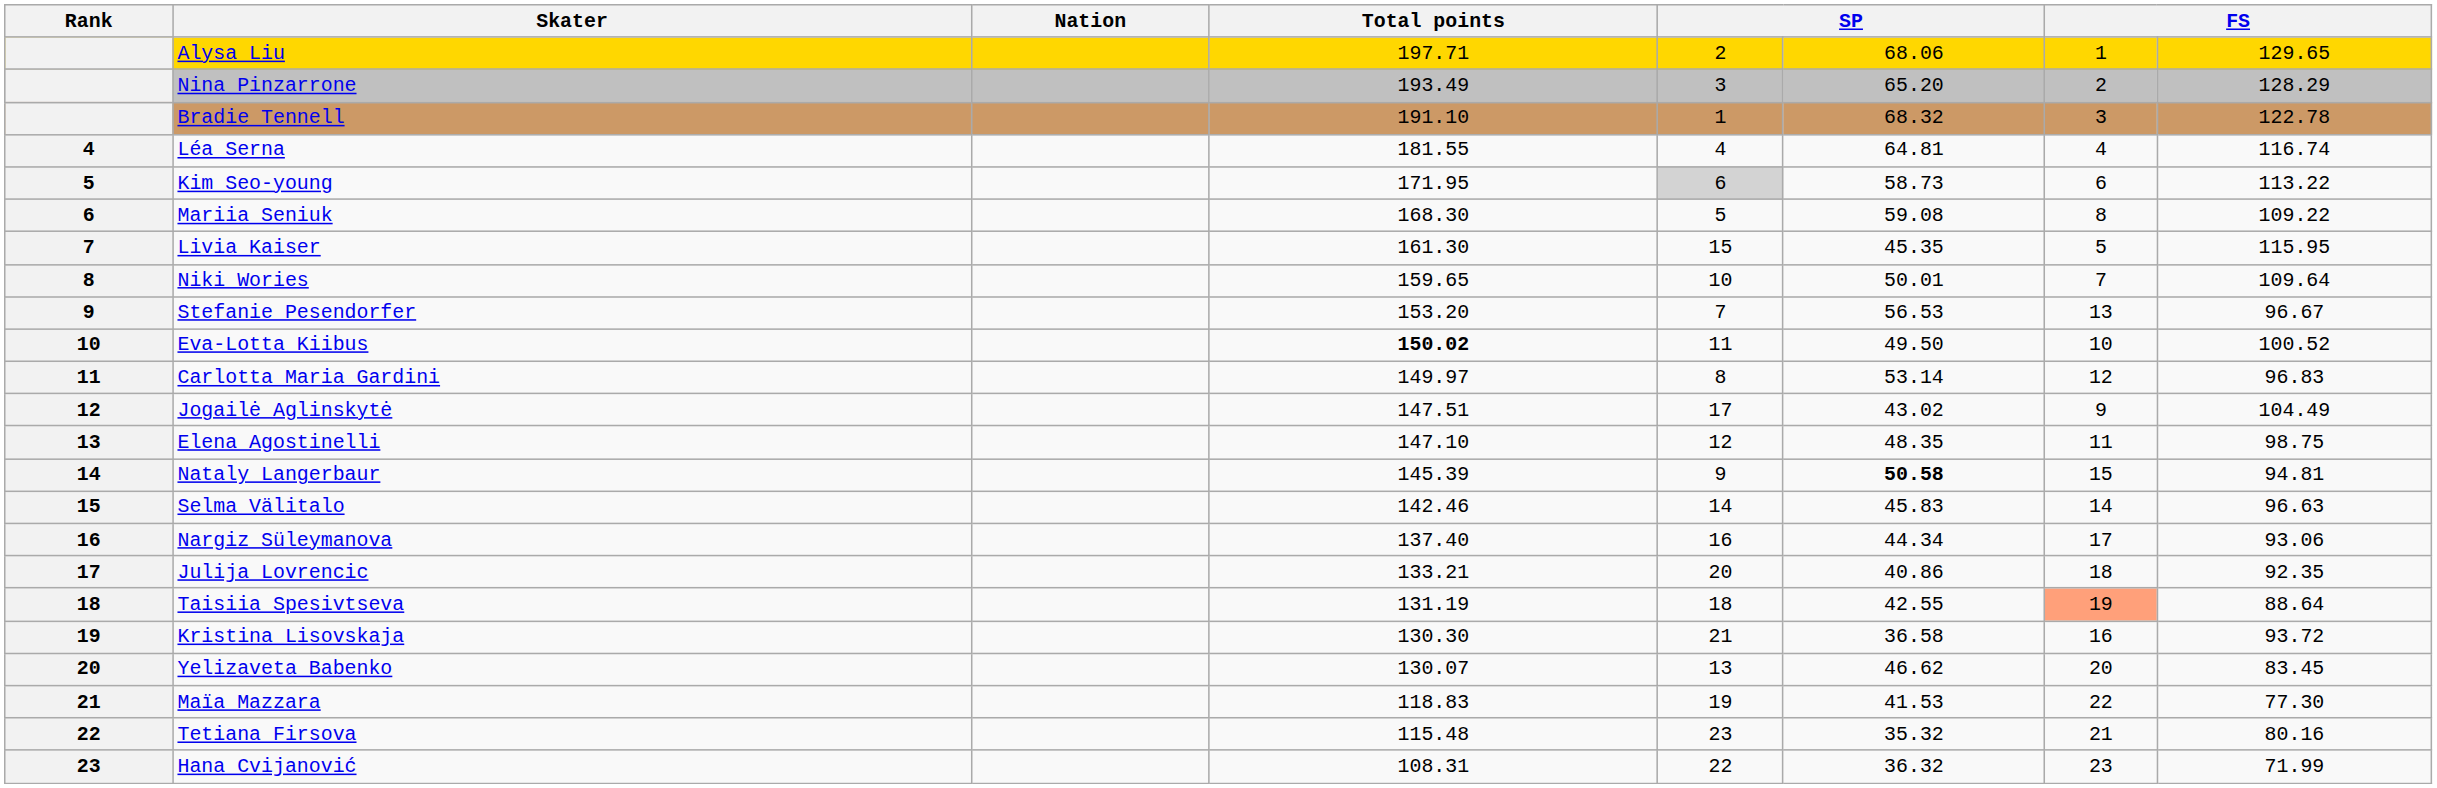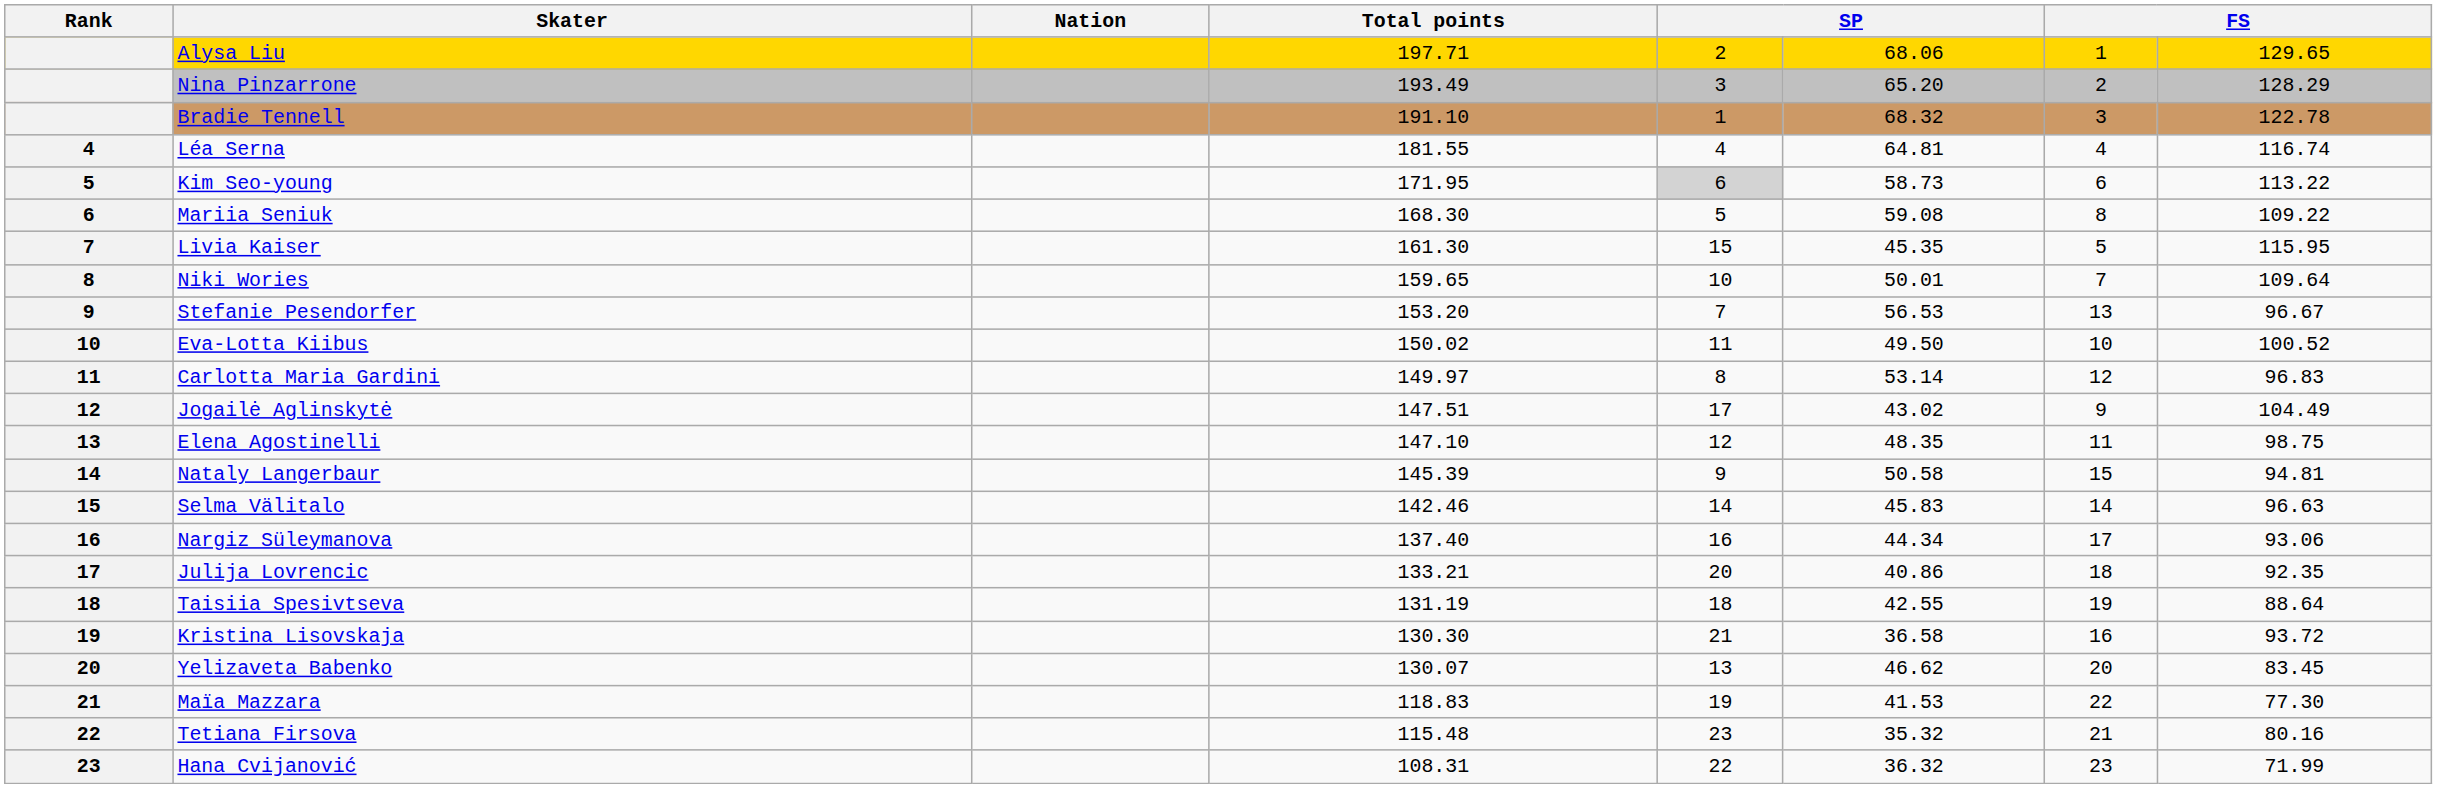 <table class="wikitable sortable" style="text-align:center;" width="80%">
 <tr>
 <th scope="col">Rank</th>
 <th scope="col">Skater</th>
 <th scope="col">Nation</th>
 <th scope="col">Total points</th>
 <th scope="col" colspan="2" width="80px"><a href='#'>SP</a></th>
 <th scope="col" colspan="2" width="80px"><a href='#'>FS</a></th>
 </tr>
 <tr bgcolor="gold">
 <th scope="row"></th>
 <td align="left"><a href='#'>Alysa Liu</a></td>
 <td align="left"></td>
 <td>197.71</td>
 <td>2</td>
 <td>68.06</td>
 <td>1</td>
 <td>129.65</td>
 </tr>
 <tr bgcolor="silver">
 <th scope="row"></th>
 <td align="left"><a href='#'>Nina Pinzarrone</a></td>
 <td align="left"></td>
 <td>193.49</td>
 <td>3</td>
 <td>65.20</td>
 <td>2</td>
 <td>128.29</td>
 </tr>
 <tr bgcolor="cc9966">
 <th scope="row"></th>
 <td align="left"><a href='#'>Bradie Tennell</a></td>
 <td align="left"></td>
 <td>191.10</td>
 <td>1</td>
 <td>68.32</td>
 <td>3</td>
 <td>122.78</td>
 </tr>
 <tr>
 <th scope="row">4</th>
 <td align="left"><a href='#'>Léa Serna</a></td>
 <td align="left"></td>
 <td>181.55</td>
 <td>4</td>
 <td>64.81</td>
 <td>4</td>
 <td>116.74</td>
 </tr>
 <tr>
 <th scope="row">5</th>
 <td align="left"><a href='#'>Kim Seo-young</a></td>
 <td align="left"></td>
 <td>171.95</td>
 <td style="background: lightgrey;">6</td>
 <td>58.73</td>
 <td>6</td>
 <td>113.22</td>
 </tr>
 <tr>
 <th scope="row">6</th>
 <td align="left"><a href='#'>Mariia Seniuk</a></td>
 <td align="left"></td>
 <td>168.30</td>
 <td>5</td>
 <td>59.08</td>
 <td>8</td>
 <td>109.22</td>
 </tr>
 <tr>
 <th scope="row">7</th>
 <td align="left"><a href='#'>Livia Kaiser</a></td>
 <td align="left"></td>
 <td>161.30</td>
 <td>15</td>
 <td>45.35</td>
 <td>5</td>
 <td>115.95</td>
 </tr>
 <tr>
 <th scope="row">8</th>
 <td align="left"><a href='#'>Niki Wories</a></td>
 <td align="left"></td>
 <td>159.65</td>
 <td>10</td>
 <td>50.01</td>
 <td>7</td>
 <td>109.64</td>
 </tr>
 <tr>
 <th scope="row">9</th>
 <td align="left"><a href='#'>Stefanie Pesendorfer</a></td>
 <td align="left"></td>
 <td>153.20</td>
 <td>7</td>
 <td>56.53</td>
 <td>13</td>
 <td>96.67</td>
 </tr>
 <tr>
 <th scope="row">10</th>
 <td align="left"><a href='#'>Eva-Lotta Kiibus</a></td>
 <td align="left"></td>
-<td><strong>150.02</strong></td>
+<td>150.02</td>
 <td>11</td>
 <td>49.50</td>
 <td>10</td>
 <td>100.52</td>
 </tr>
 <tr>
 <th scope="row">11</th>
 <td align="left"><a href='#'>Carlotta Maria Gardini</a></td>
 <td align="left"></td>
 <td>149.97</td>
 <td>8</td>
 <td>53.14</td>
 <td>12</td>
 <td>96.83</td>
 </tr>
 <tr>
 <th scope="row">12</th>
 <td align="left"><a href='#'>Jogailė Aglinskytė</a></td>
 <td align="left"></td>
 <td>147.51</td>
 <td>17</td>
 <td>43.02</td>
 <td>9</td>
 <td>104.49</td>
 </tr>
 <tr>
 <th scope="row">13</th>
 <td align="left"><a href='#'>Elena Agostinelli</a></td>
 <td align="left"></td>
 <td>147.10</td>
 <td>12</td>
 <td>48.35</td>
 <td>11</td>
 <td>98.75</td>
 </tr>
 <tr>
 <th scope="row">14</th>
 <td align="left"><a href='#'>Nataly Langerbaur</a></td>
 <td align="left"></td>
 <td>145.39</td>
 <td>9</td>
-<td><strong>50.58</strong></td>
+<td>50.58</td>
 <td>15</td>
 <td>94.81</td>
 </tr>
 <tr>
 <th scope="row">15</th>
 <td align="left"><a href='#'>Selma Välitalo</a></td>
 <td align="left"></td>
 <td>142.46</td>
 <td>14</td>
 <td>45.83</td>
 <td>14</td>
 <td>96.63</td>
 </tr>
 <tr>
 <th scope="row">16</th>
 <td align="left"><a href='#'>Nargiz Süleymanova</a></td>
 <td align="left"></td>
 <td>137.40</td>
 <td>16</td>
 <td>44.34</td>
 <td>17</td>
 <td>93.06</td>
 </tr>
 <tr>
 <th scope="row">17</th>
 <td align="left"><a href='#'>Julija Lovrencic</a></td>
 <td align="left"></td>
 <td>133.21</td>
 <td>20</td>
 <td>40.86</td>
 <td>18</td>
 <td>92.35</td>
 </tr>
 <tr>
 <th scope="row">18</th>
 <td align="left"><a href='#'>Taisiia Spesivtseva</a></td>
 <td align="left"></td>
 <td>131.19</td>
 <td>18</td>
 <td>42.55</td>
-<td style="background: lightsalmon;">19</td>
+<td>19</td>
 <td>88.64</td>
 </tr>
 <tr>
 <th scope="row">19</th>
 <td align="left"><a href='#'>Kristina Lisovskaja</a></td>
 <td align="left"></td>
 <td>130.30</td>
 <td>21</td>
 <td>36.58</td>
 <td>16</td>
 <td>93.72</td>
 </tr>
 <tr>
 <th scope="row">20</th>
 <td align="left"><a href='#'>Yelizaveta Babenko</a></td>
 <td align="left"></td>
 <td>130.07</td>
 <td>13</td>
 <td>46.62</td>
 <td>20</td>
 <td>83.45</td>
 </tr>
 <tr>
 <th scope="row">21</th>
 <td align="left"><a href='#'>Maïa Mazzara</a></td>
 <td align="left"></td>
 <td>118.83</td>
 <td>19</td>
 <td>41.53</td>
 <td>22</td>
 <td>77.30</td>
 </tr>
 <tr>
 <th scope="row">22</th>
 <td align="left"><a href='#'>Tetiana Firsova</a></td>
 <td align="left"></td>
 <td>115.48</td>
 <td>23</td>
 <td>35.32</td>
 <td>21</td>
 <td>80.16</td>
 </tr>
 <tr>
 <th scope="row">23</th>
 <td align="left"><a href='#'>Hana Cvijanović</a></td>
 <td align="left"></td>
 <td>108.31</td>
 <td>22</td>
 <td>36.32</td>
 <td>23</td>
 <td>71.99</td>
 </tr>
 </table>
